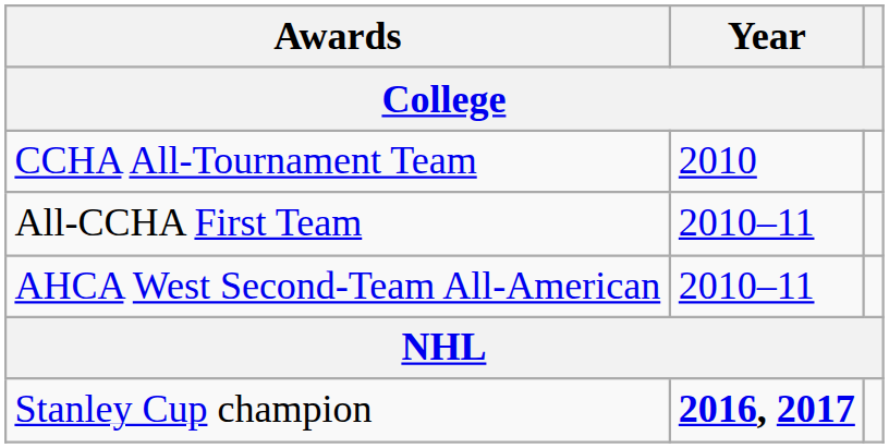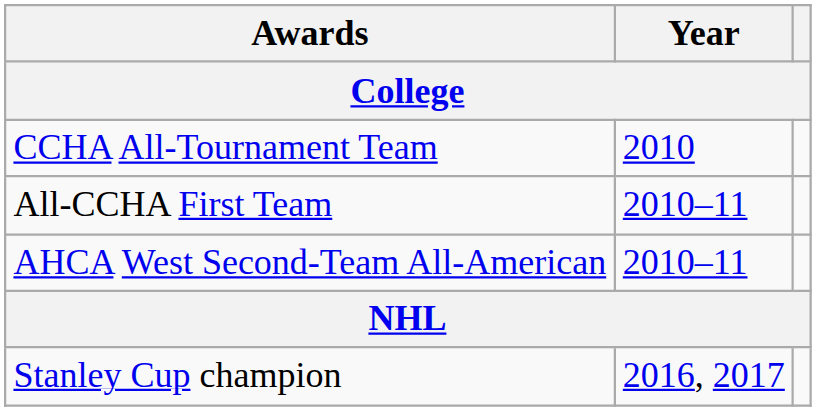 <table class="wikitable">
 <tr>
 <th>Awards</th>
 <th>Year</th>
 <th></th>
 </tr>
 <tr>
 <th colspan="3"><a href='#'>College</a></th>
 </tr>
 <tr>
 <td><a href='#'>CCHA</a> <a href='#'>All-Tournament Team</a></td>
 <td><a href='#'>2010</a></td>
 <td></td>
 </tr>
 <tr>
 <td>All-CCHA <a href='#'>First Team</a></td>
 <td><a href='#'>2010–11</a></td>
 <td></td>
 </tr>
 <tr>
 <td><a href='#'>AHCA</a> <a href='#'>West Second-Team All-American</a></td>
 <td><a href='#'>2010–11</a></td>
 <td></td>
 </tr>
 <tr>
 <th colspan="3"><a href='#'>NHL</a></th>
 </tr>
 <tr>
 <td><a href='#'>Stanley Cup</a> champion</td>
-<td><strong><a href='#'>2016</a>, <a href='#'>2017</a></strong></td>
+<td><a href='#'>2016</a>, <a href='#'>2017</a></td>
 <td></td>
 </tr>
 </table>
